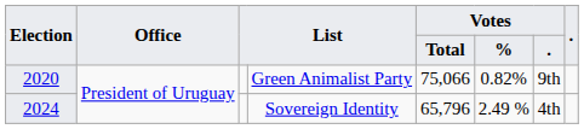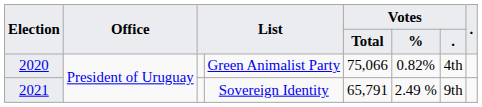 <table class="wikitable" style="font-size:90%; text-align:center;">
 <tr>
 <th rowspan="2" style="background-color:#EAECF0;">Election</th>
 <th rowspan="2" style="background-color:#EAECF0;">Office</th>
 <th colspan="2" rowspan="2" style="background-color:#EAECF0;">List</th>
 <th colspan="3" style="background-color:#EAECF0;">Votes</th>
 <th rowspan="2" style="background-color:#EAECF0;">.</th>
 </tr>
 <tr>
 <th style="background-color:#EAECF0;">Total</th>
 <th style="background-color:#EAECF0;">%</th>
 <th style="background-color:#EAECF0;">.</th>
 </tr>
 <tr>
 <td style="background-color:#EAECF0;"><a href='#'>2020</a></td>
 <td rowspan="2"><a href='#'>President of Uruguay</a></td>
 <td style="background-color:"></td>
 <td><a href='#'>Green Animalist Party</a></td>
 <td>75,066</td>
 <td>0.82%</td>
+<td>4th</td>
+<td></td>
+</tr>
+<tr>
+<td style="background-color:#EAECF0;"><a href='#'>2021</a></td>
+<td style="background-color:"></td>
+<td><a href='#'>Sovereign Identity</a></td>
+<td>65,791</td>
+<td>2.49 %</td>
 <td>9th</td>
 <td></td>
 </tr>
-<tr>
-<td style="background-color:#EAECF0;"><a href='#'>2024</a></td>
-<td style="background-color:"></td>
-<td><a href='#'>Sovereign Identity</a></td>
-<td>65,796</td>
-<td>2.49 %</td>
-<td>4th</td>
-<td></td>
-</tr>
 </table>
